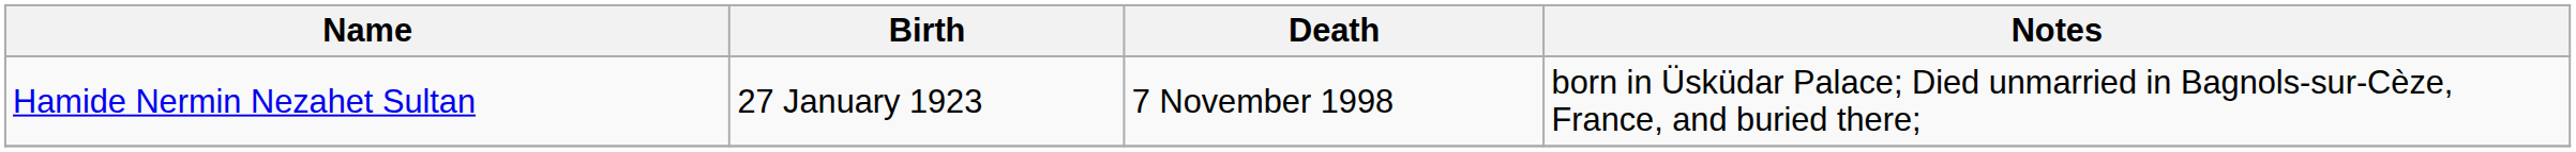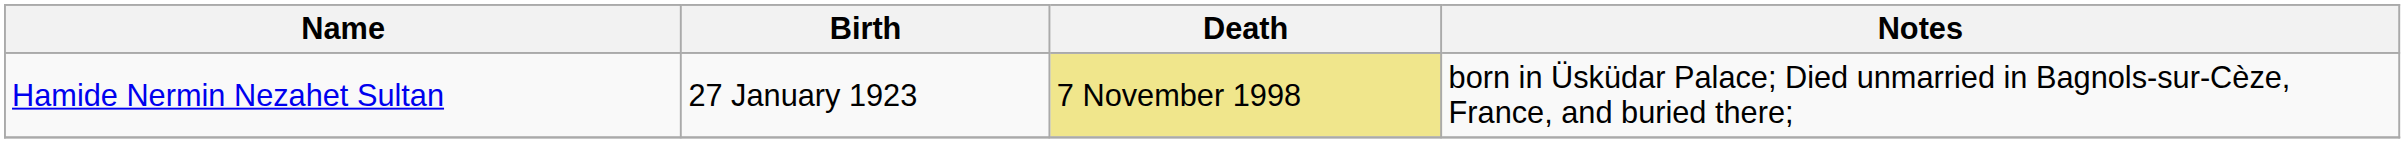 <table class="wikitable">
 <tr>
 <th>Name</th>
 <th>Birth</th>
 <th>Death</th>
 <th style="width:40%;">Notes</th>
 </tr>
 <tr>
 <td><a href='#'>Hamide Nermin Nezahet Sultan</a></td>
 <td>27 January 1923</td>
-<td>7 November 1998</td>
+<td style="background: khaki;">7 November 1998</td>
 <td>born in Üsküdar Palace; Died unmarried in Bagnols-sur-Cèze, France, and buried there;</td>
 </tr>
 <tr>
 </tr>
 </table>
